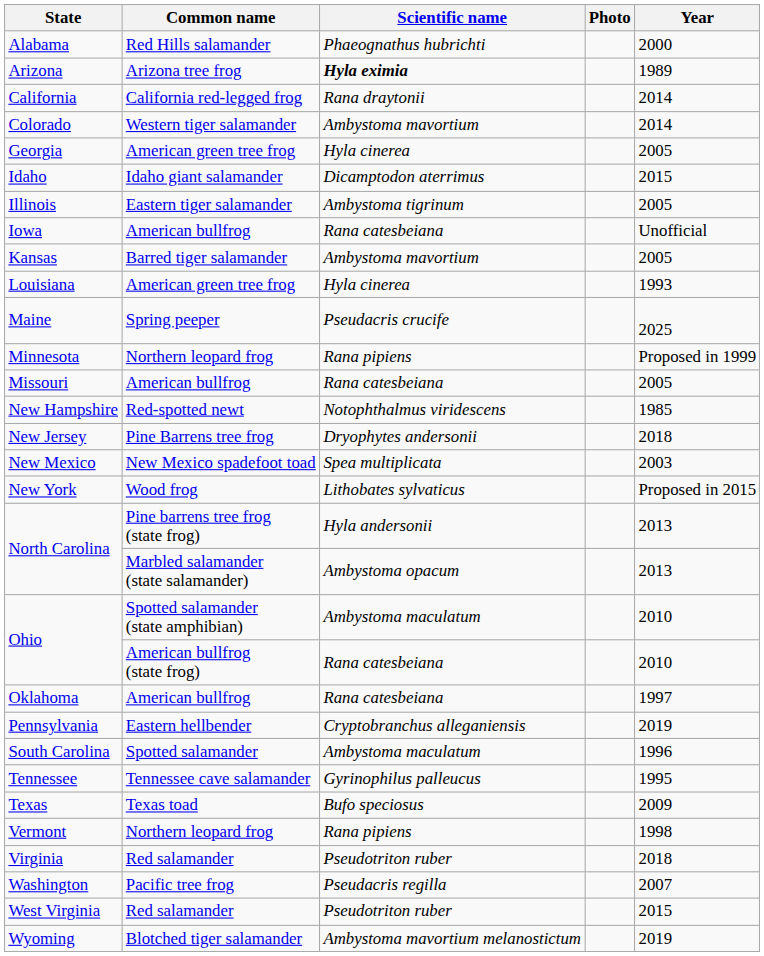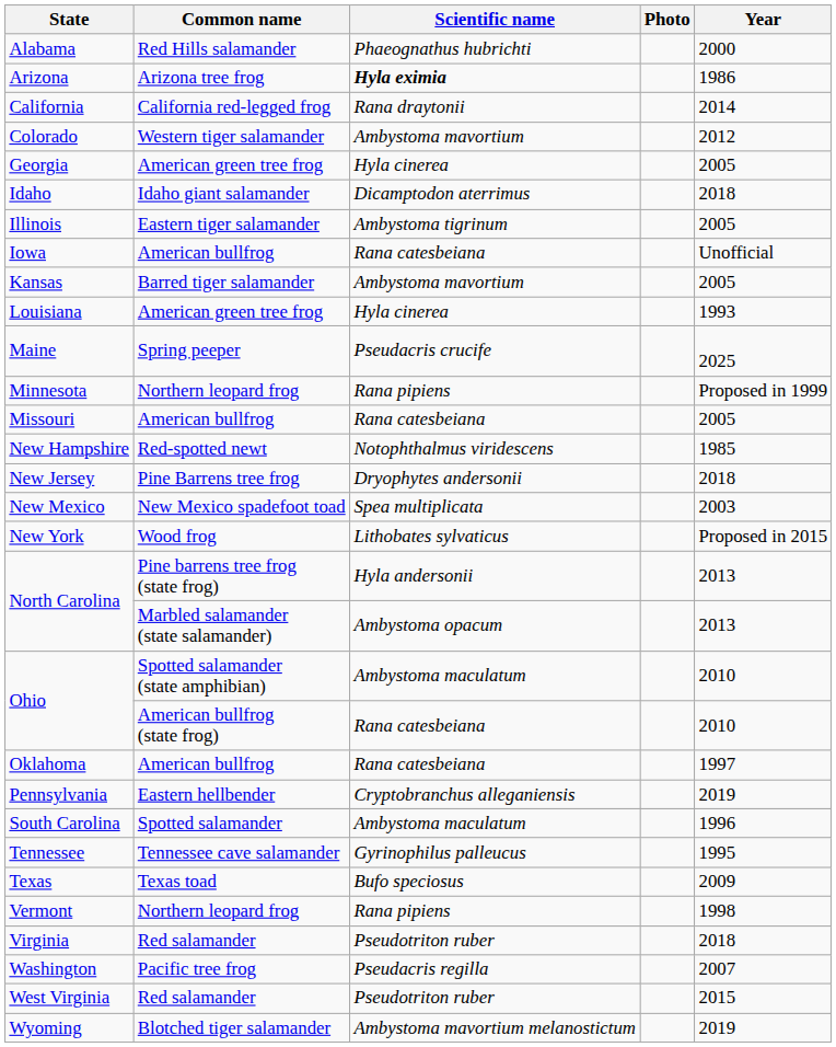 <table class="wikitable sortable">
 <tr>
 <th>State</th>
 <th>Common name</th>
 <th><a href='#'>Scientific name</a></th>
 <th>Photo</th>
 <th>Year</th>
 </tr>
 <tr>
 <td><a href='#'>Alabama</a></td>
 <td><a href='#'>Red Hills salamander</a></td>
 <td><em>Phaeognathus hubrichti</em></td>
 <td></td>
 <td>2000<br></td>
 </tr>
 <tr>
 <td><a href='#'>Arizona</a></td>
 <td><a href='#'>Arizona tree frog</a></td>
 <td><strong><em>Hyla eximia</em></strong></td>
 <td></td>
-<td>1989<br></td>
+<td>1986<br></td>
 </tr>
 <tr>
 <td><a href='#'>California</a></td>
 <td><a href='#'>California red-legged frog</a></td>
 <td><em>Rana draytonii</em></td>
 <td></td>
 <td>2014</td>
 </tr>
 <tr>
 <td><a href='#'>Colorado</a></td>
 <td><a href='#'>Western tiger salamander</a></td>
 <td><em>Ambystoma mavortium </em></td>
 <td></td>
-<td>2014<br>  </td>
+<td>2012<br>  </td>
 </tr>
 <tr>
 <td><a href='#'>Georgia</a></td>
 <td><a href='#'>American green tree frog</a></td>
 <td><em>Hyla cinerea</em></td>
 <td></td>
 <td>2005<br></td>
 </tr>
 <tr>
 <td><a href='#'>Idaho</a></td>
 <td><a href='#'>Idaho giant salamander</a></td>
 <td><em>Dicamptodon aterrimus</em></td>
 <td></td>
-<td>2015</td>
+<td>2018</td>
 </tr>
 <tr>
 <td><a href='#'>Illinois</a></td>
 <td><a href='#'>Eastern tiger salamander</a></td>
 <td><em>Ambystoma tigrinum</em></td>
 <td></td>
 <td>2005<br></td>
 </tr>
 <tr>
 <td><a href='#'>Iowa</a></td>
 <td><a href='#'>American bullfrog</a></td>
 <td><em>Rana catesbeiana</em></td>
 <td></td>
 <td>Unofficial</td>
 </tr>
 <tr>
 <td><a href='#'>Kansas</a></td>
 <td><a href='#'>Barred tiger salamander</a></td>
 <td><em>Ambystoma mavortium</em></td>
 <td></td>
 <td>2005<br></td>
 </tr>
 <tr>
 <td><a href='#'>Louisiana</a></td>
 <td><a href='#'>American green tree frog</a></td>
 <td><em>Hyla cinerea</em></td>
 <td></td>
 <td>1993</td>
 </tr>
 <tr>
 <td><a href='#'>Maine</a></td>
 <td><a href='#'>Spring peeper</a></td>
 <td><em>Pseudacris crucife</em></td>
 <td></td>
 <td><br>2025  </td>
 </tr>
 <tr>
 <td><a href='#'>Minnesota</a></td>
 <td><a href='#'>Northern leopard frog</a></td>
 <td><em>Rana pipiens</em></td>
 <td></td>
 <td>Proposed in 1999<br></td>
 </tr>
 <tr>
 <td><a href='#'>Missouri</a></td>
 <td><a href='#'>American bullfrog</a></td>
 <td><em>Rana catesbeiana</em></td>
 <td></td>
 <td>2005<br>  </td>
 </tr>
 <tr>
 <td><a href='#'>New Hampshire</a></td>
 <td><a href='#'>Red-spotted newt</a></td>
 <td><em>Notophthalmus viridescens</em></td>
 <td></td>
 <td>1985</td>
 </tr>
 <tr>
 <td><a href='#'>New Jersey</a></td>
 <td><a href='#'>Pine Barrens tree frog</a></td>
 <td><em>Dryophytes andersonii</em></td>
 <td></td>
 <td>2018</td>
 </tr>
 <tr>
 <td><a href='#'>New Mexico</a></td>
 <td><a href='#'>New Mexico spadefoot toad</a></td>
 <td><em>Spea multiplicata</em></td>
 <td></td>
 <td>2003</td>
 </tr>
 <tr>
 <td><a href='#'>New York</a></td>
 <td><a href='#'>Wood frog</a></td>
 <td><em>Lithobates sylvaticus</em></td>
 <td></td>
 <td>Proposed in 2015</td>
 </tr>
 <tr>
 <td rowspan=2><a href='#'>North Carolina</a></td>
 <td><a href='#'>Pine barrens tree frog</a> <br>(state frog)</td>
 <td><em>Hyla andersonii</em></td>
 <td></td>
 <td>2013</td>
 </tr>
 <tr>
 <td><a href='#'>Marbled salamander</a> <br>(state salamander)</td>
 <td><em>Ambystoma opacum</em></td>
 <td></td>
 <td>2013</td>
 </tr>
 <tr>
 <td rowspan=2><a href='#'>Ohio</a></td>
 <td><a href='#'>Spotted salamander</a> <br>(state amphibian)</td>
 <td><em>Ambystoma maculatum</em></td>
 <td></td>
 <td>2010</td>
 </tr>
 <tr>
 <td><a href='#'>American bullfrog</a> <br>(state frog)</td>
 <td><em>Rana catesbeiana</em></td>
 <td></td>
 <td>2010</td>
 </tr>
 <tr>
 <td><a href='#'>Oklahoma</a></td>
 <td><a href='#'>American bullfrog</a></td>
 <td><em>Rana catesbeiana</em></td>
 <td></td>
 <td>1997</td>
 </tr>
 <tr>
 <td><a href='#'>Pennsylvania</a></td>
 <td><a href='#'>Eastern hellbender</a></td>
 <td><em>Cryptobranchus alleganiensis</em></td>
 <td></td>
 <td>2019<br></td>
 </tr>
 <tr>
 </tr>
 <tr>
 <td><a href='#'>South Carolina</a></td>
 <td><a href='#'>Spotted salamander</a></td>
 <td><em>Ambystoma maculatum</em></td>
 <td></td>
 <td>1996<br></td>
 </tr>
 <tr>
 <td><a href='#'>Tennessee</a></td>
 <td><a href='#'>Tennessee cave salamander</a></td>
 <td><em>Gyrinophilus palleucus</em></td>
 <td></td>
 <td>1995</td>
 </tr>
 <tr>
 <td><a href='#'>Texas</a></td>
 <td><a href='#'>Texas toad</a></td>
 <td><em>Bufo speciosus</em></td>
 <td></td>
 <td>2009<br></td>
 </tr>
 <tr>
 <td><a href='#'>Vermont</a></td>
 <td><a href='#'>Northern leopard frog</a></td>
 <td><em>Rana pipiens</em></td>
 <td></td>
 <td>1998</td>
 </tr>
 <tr>
 <td><a href='#'>Virginia</a></td>
 <td><a href='#'>Red salamander</a></td>
 <td><em>Pseudotriton ruber</em></td>
 <td></td>
 <td>2018</td>
 </tr>
 <tr>
 <td><a href='#'>Washington</a></td>
 <td><a href='#'>Pacific tree frog</a></td>
 <td><em>Pseudacris regilla</em></td>
 <td></td>
 <td>2007</td>
 </tr>
 <tr>
 <td><a href='#'>West Virginia</a></td>
 <td><a href='#'>Red salamander</a></td>
 <td><em>Pseudotriton ruber</em></td>
 <td></td>
 <td>2015<br></td>
 </tr>
 <tr>
 <td><a href='#'>Wyoming</a></td>
 <td><a href='#'>Blotched tiger salamander</a></td>
 <td><em>Ambystoma mavortium melanostictum</em></td>
 <td></td>
 <td>2019</td>
 </tr>
 <tr>
 </tr>
 </table>
